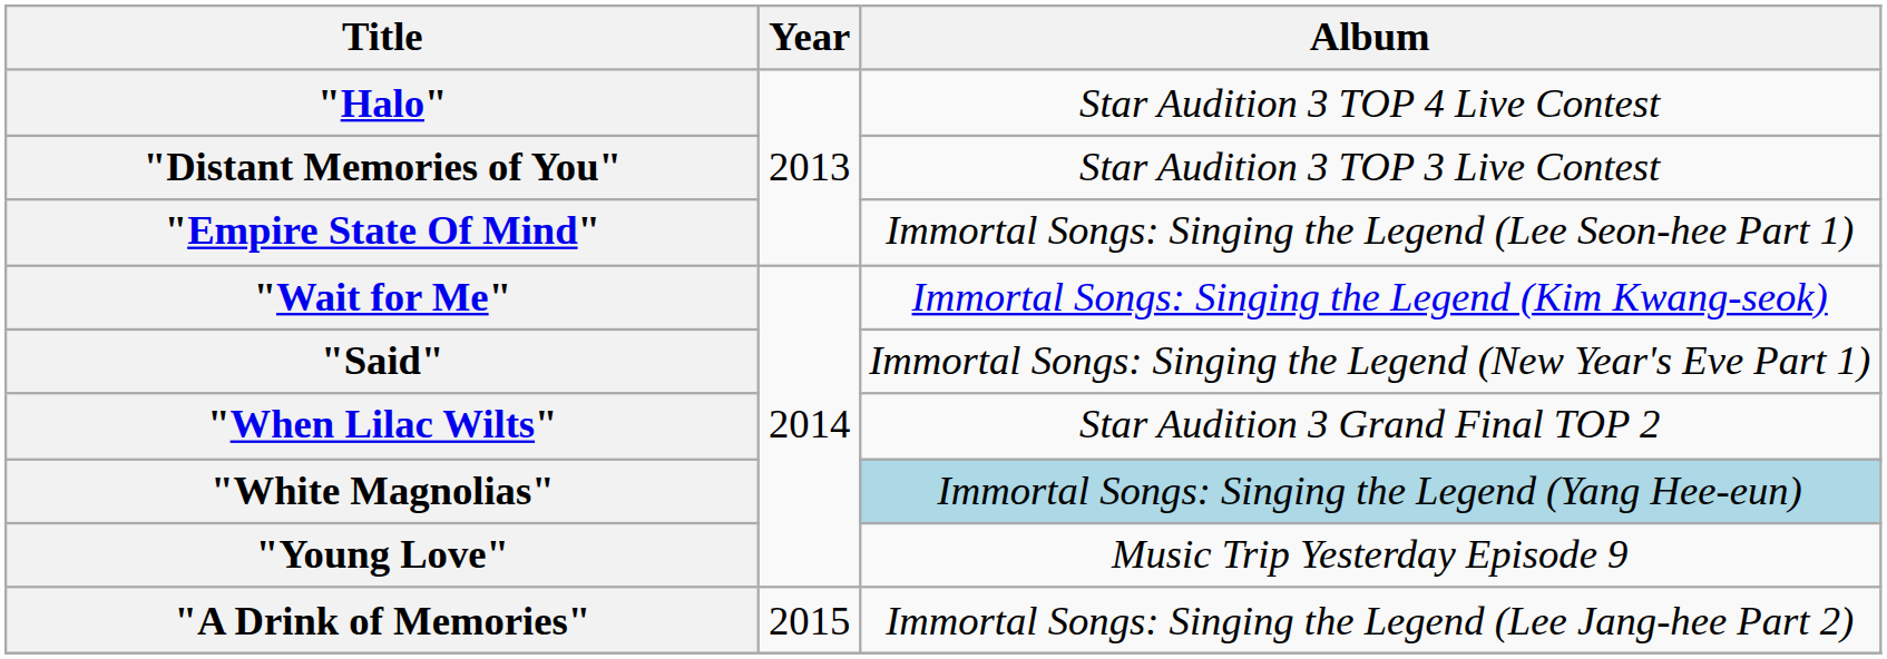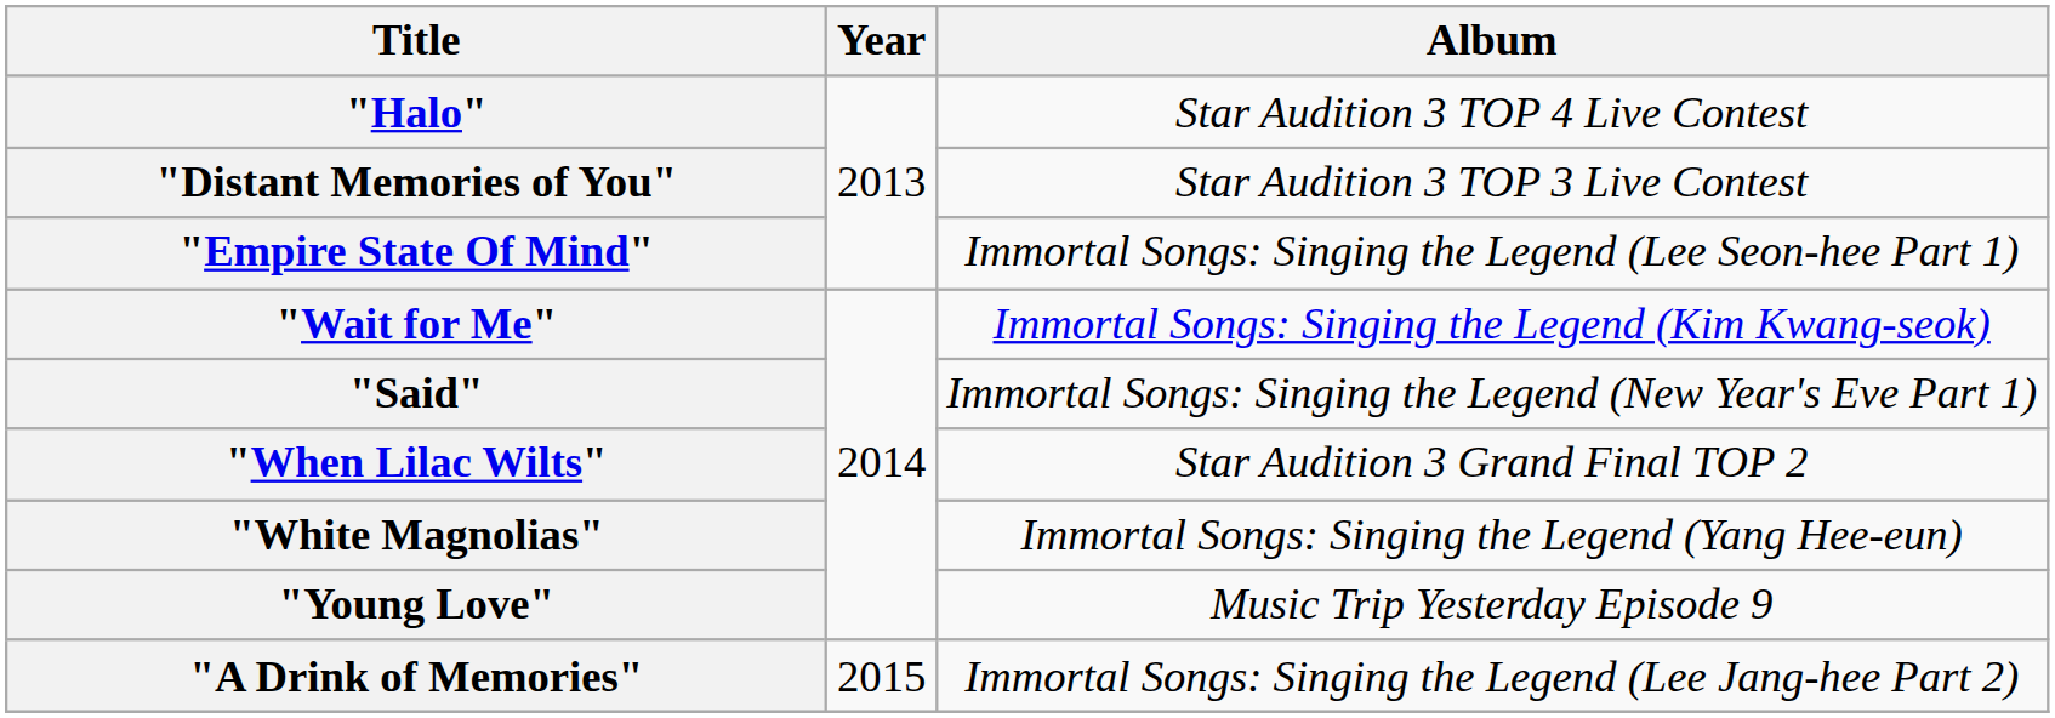 <table class="wikitable plainrowheaders" style="text-align:center;">
 <tr>
 <th scope="col" style="width:18em;">Title</th>
 <th scope="col">Year</th>
 <th scope="col">Album</th>
 </tr>
 <tr>
 <th scope="row">"<a href='#'>Halo</a>"</th>
 <td rowspan="3">2013</td>
 <td><em>Star Audition 3 TOP 4 Live Contest</em></td>
 </tr>
 <tr>
 <th scope="row">"Distant Memories of You" </th>
 <td><em>Star Audition 3 TOP 3 Live Contest</em></td>
 </tr>
 <tr>
 <th scope="row">"<a href='#'>Empire State Of Mind</a>"</th>
 <td><em>Immortal Songs: Singing the Legend (Lee Seon-hee Part 1)</em></td>
 </tr>
 <tr>
 <th scope="row">"<a href='#'>Wait for Me</a>" </th>
 <td rowspan="5">2014</td>
 <td><em><a href='#'>Immortal Songs: Singing the Legend (Kim Kwang-seok)</a></em></td>
 </tr>
 <tr>
 <th scope="row">"Said" </th>
 <td><em>Immortal Songs: Singing the Legend (New Year's Eve Part 1)</em></td>
 </tr>
 <tr>
 <th scope="row">"<a href='#'>When Lilac Wilts</a>" </th>
 <td><em>Star Audition 3 Grand Final TOP 2</em></td>
 </tr>
 <tr>
 <th scope="row">"White Magnolias"  </th>
-<td style="background: lightblue;"><em>Immortal Songs: Singing the Legend (Yang Hee-eun)</em></td>
+<td><em>Immortal Songs: Singing the Legend (Yang Hee-eun)</em></td>
 </tr>
 <tr>
 <th scope="row">"Young Love" </th>
 <td><em>Music Trip Yesterday Episode 9</em></td>
 </tr>
 <tr>
 <th scope="row">"A Drink of Memories" </th>
 <td>2015</td>
 <td><em>Immortal Songs: Singing the Legend (Lee Jang-hee Part 2)</em></td>
 </tr>
 <tr>
 </tr>
 </table>
